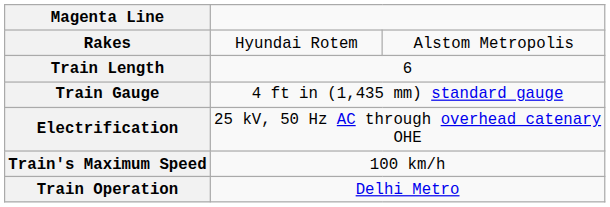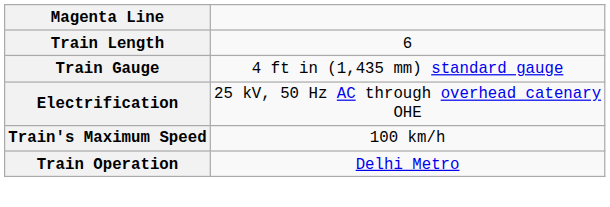 <table class="wikitable" style="text-align:center">
 <tr>
 <th style="background:#"><span>Magenta Line</span></th>
-</tr>
-<tr>
-<th scope="row">Rakes</th>
-<td>Hyundai Rotem</td>
-<td>Alstom Metropolis</td>
 </tr>
 <tr>
 <th scope="row">Train Length</th>
 <td colspan="2">6</td>
 </tr>
 <tr>
 <th scope="row">Train Gauge</th>
 <td colspan="2">4 ft  in (1,435 mm) <a href='#'>standard gauge</a></td>
 </tr>
 <tr>
 <th scope="row">Electrification</th>
 <td colspan="2">25 kV, 50 Hz <a href='#'>AC</a> through <a href='#'>overhead catenary</a> <br>OHE</td>
 </tr>
 <tr>
 <th scope="row">Train's Maximum Speed</th>
 <td colspan="2">100 km/h</td>
 </tr>
 <tr>
 <th scope="row">Train Operation</th>
 <td colspan="2"><a href='#'>Delhi Metro</a></td>
 </tr>
 </table>
